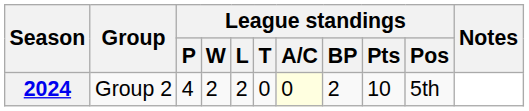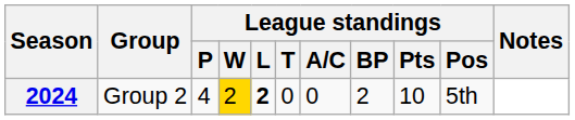 <table class="wikitable sortable">
 <tr>
 <th scope="col" rowspan="2">Season</th>
 <th scope="col" rowspan="2">Group</th>
 <th scope="col" colspan="8">League standings</th>
 <th scope="col" rowspan="2">Notes</th>
 </tr>
 <tr>
 <th scope="col">P</th>
 <th scope="col">W</th>
 <th scope="col">L</th>
 <th scope="col">T</th>
 <th scope="col">A/C</th>
 <th scope="col">BP</th>
 <th scope="col">Pts</th>
 <th scope="col">Pos</th>
 </tr>
 <tr>
 <th scope="row"><a href='#'>2024</a></th>
 <td>Group 2</td>
 <td>4</td>
-<td>2</td>
-<td>2</td>
+<td style="background: gold;">2</td>
+<td><strong>2</strong></td>
 <td>0</td>
-<td style="background: lightyellow;">0</td>
+<td>0</td>
 <td>2</td>
 <td>10</td>
 <td>5th</td>
 <td style="background: white;"></td>
 </tr>
 </table>
